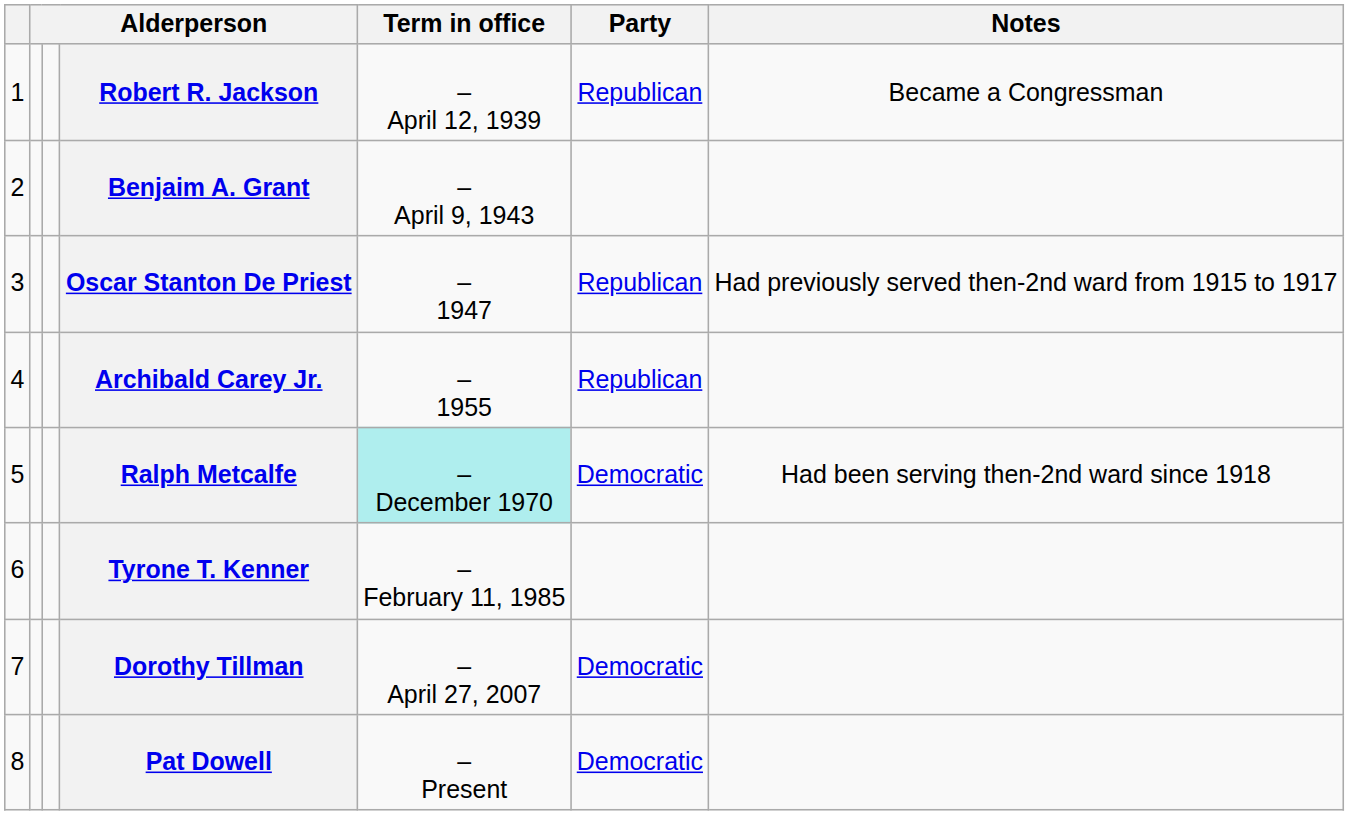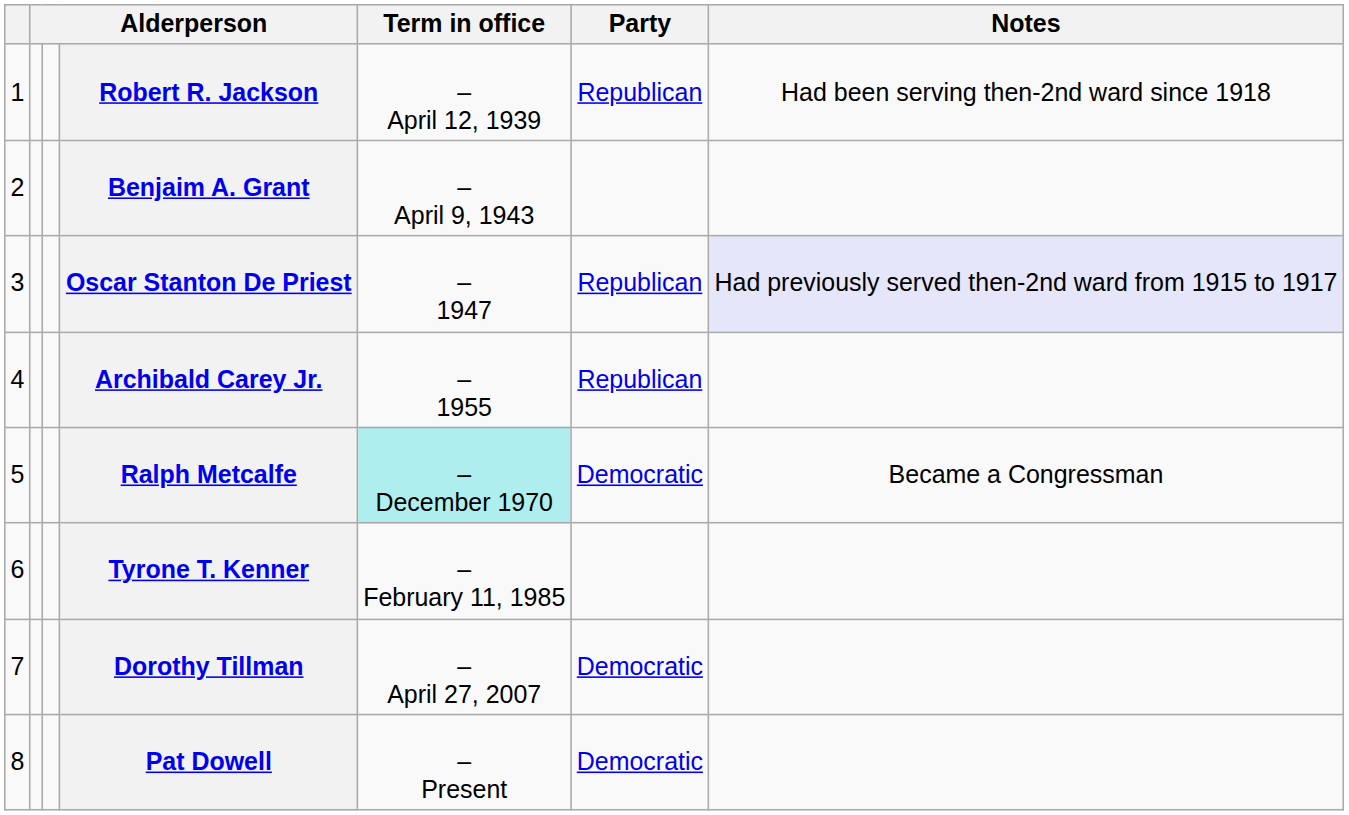 <table class="wikitable sortable" style="text-align:center;">
 <tr>
 <th scope="col"></th>
 <th scope="col" colspan="3">Alderperson</th>
 <th scope="col">Term in office</th>
 <th scope="col">Party</th>
 <th scope="col">Notes</th>
 </tr>
 <tr style="height:2em;">
 <td>1</td>
 <td></td>
 <td> </td>
 <th scope="row"><a href='#'>Robert R. Jackson</a></th>
 <td><br>–<br>April 12, 1939</td>
 <td><a href='#'>Republican</a></td>
-<td>Became a Congressman</td>
+<td>Had been serving then-2nd ward since 1918</td>
 </tr>
 <tr style="height:2em;">
 <td>2</td>
 <td></td>
 <td> </td>
 <th scope="row"><a href='#'>Benjaim A. Grant</a></th>
 <td><br>–<br>April 9, 1943</td>
 <td></td>
 <td></td>
 </tr>
 <tr style="height:2em;">
 <td>3</td>
 <td></td>
 <td> </td>
 <th scope="row"><a href='#'>Oscar Stanton De Priest</a></th>
 <td><br>–<br>1947</td>
 <td><a href='#'>Republican</a></td>
-<td>Had previously served then-2nd ward from 1915 to 1917</td>
+<td style="background: lavender;">Had previously served then-2nd ward from 1915 to 1917</td>
 </tr>
 <tr style="height:2em;">
 <td>4</td>
 <td></td>
 <td> </td>
 <th scope="row"><a href='#'>Archibald Carey Jr.</a></th>
 <td><br>–<br>1955</td>
 <td><a href='#'>Republican</a></td>
 <td></td>
 </tr>
 <tr style="height:2em;">
 <td>5</td>
 <td></td>
 <td> </td>
 <th scope="row"><a href='#'>Ralph Metcalfe</a></th>
 <td style="background: paleturquoise;"><br>–<br>December 1970</td>
 <td><a href='#'>Democratic</a></td>
-<td>Had been serving then-2nd ward since 1918</td>
+<td>Became a Congressman</td>
 </tr>
 <tr style="height:2em;">
 <td>6</td>
 <td></td>
 <td></td>
 <th scope="row"><a href='#'>Tyrone T. Kenner</a></th>
 <td><br>–<br>February 11, 1985</td>
 <td></td>
 <td></td>
 </tr>
 <tr style="height:2em;">
 <td>7</td>
 <td></td>
 <td> </td>
 <th scope="row"><a href='#'>Dorothy Tillman</a></th>
 <td><br>–<br>April 27, 2007</td>
 <td><a href='#'>Democratic</a></td>
 <td></td>
 </tr>
 <tr style="height:2em;">
 <td>8</td>
 <td></td>
 <td> </td>
 <th scope="row"><a href='#'>Pat Dowell</a></th>
 <td><br>–<br>Present</td>
 <td><a href='#'>Democratic</a></td>
 <td></td>
 </tr>
 </table>
